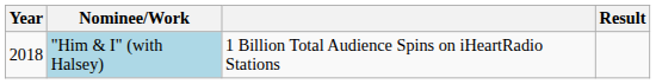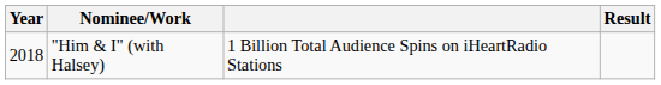 <table class="wikitable">
 <tr>
 <th>Year</th>
 <th>Nominee/Work</th>
 <th></th>
 <th>Result</th>
 </tr>
 <tr>
 <td>2018</td>
-<td style="background: lightblue;">"Him & I" (with Halsey)</td>
+<td>"Him & I" (with Halsey)</td>
 <td>1 Billion Total Audience Spins on iHeartRadio Stations</td>
 <td></td>
 </tr>
 </table>
